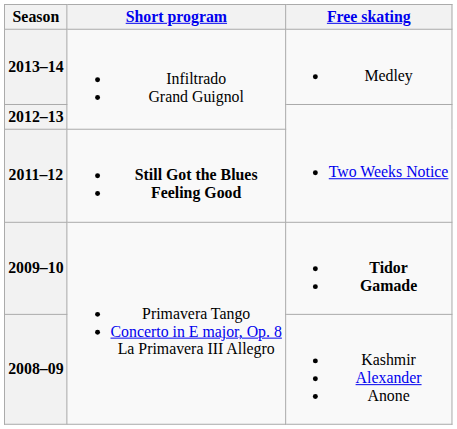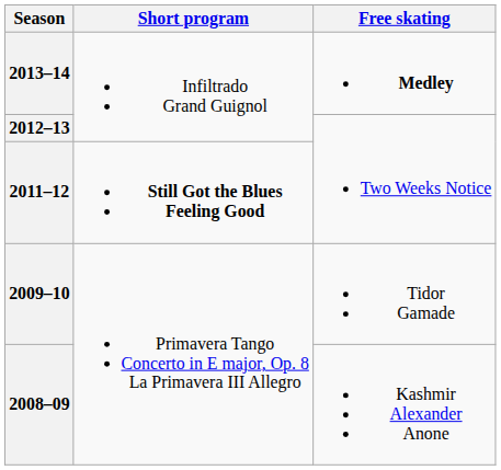 <table class=wikitable style=text-align:center>
 <tr>
 <th>Season</th>
 <th><a href='#'>Short program</a></th>
 <th><a href='#'>Free skating</a></th>
 </tr>
 <tr>
 <th>2013–14 <br> </th>
 <td rowspan="2"><br><ul><li>Infiltrado <br></li><li>Grand Guignol <br></li></ul></td>
-<td><br><ul><li>Medley <br></li></ul></td>
+<td><strong><br><ul><li>Medley <br></li></ul></strong></td>
 </tr>
 <tr>
 <th>2012–13 <br> </th>
 <td rowspan="2"><br><ul><li><a href='#'>Two Weeks Notice</a> <br></li></ul></td>
 </tr>
 <tr>
 <th>2011–12 <br> </th>
 <td><strong><br><ul><li>Still Got the Blues <br></li><li>Feeling Good <br></li></ul></strong></td>
 </tr>
 <tr>
 <th>2009–10 <br> </th>
 <td rowspan="2"><br><ul><li>Primavera Tango <br></li><li><a href='#'>Concerto in E major, Op. 8</a> <br> La Primavera III Allegro <br></li></ul></td>
-<td><strong><br><ul><li>Tidor <br></li><li>Gamade <br></li></ul></strong></td>
+<td><br><ul><li>Tidor <br></li><li>Gamade <br></li></ul></td>
 </tr>
 <tr>
 <th>2008–09 <br> </th>
 <td><br><ul><li>Kashmir <br></li><li><a href='#'>Alexander</a> <br></li><li>Anone <br></li></ul></td>
 </tr>
 </table>
